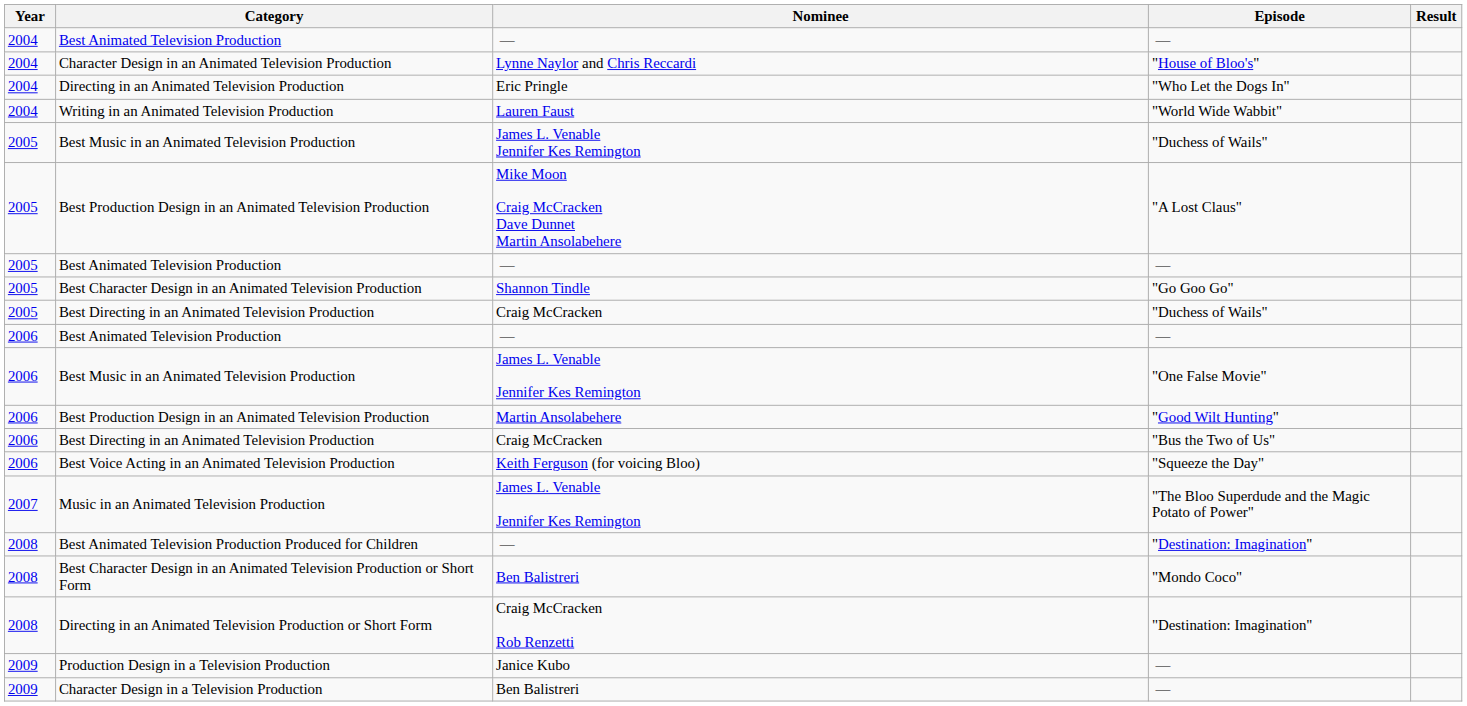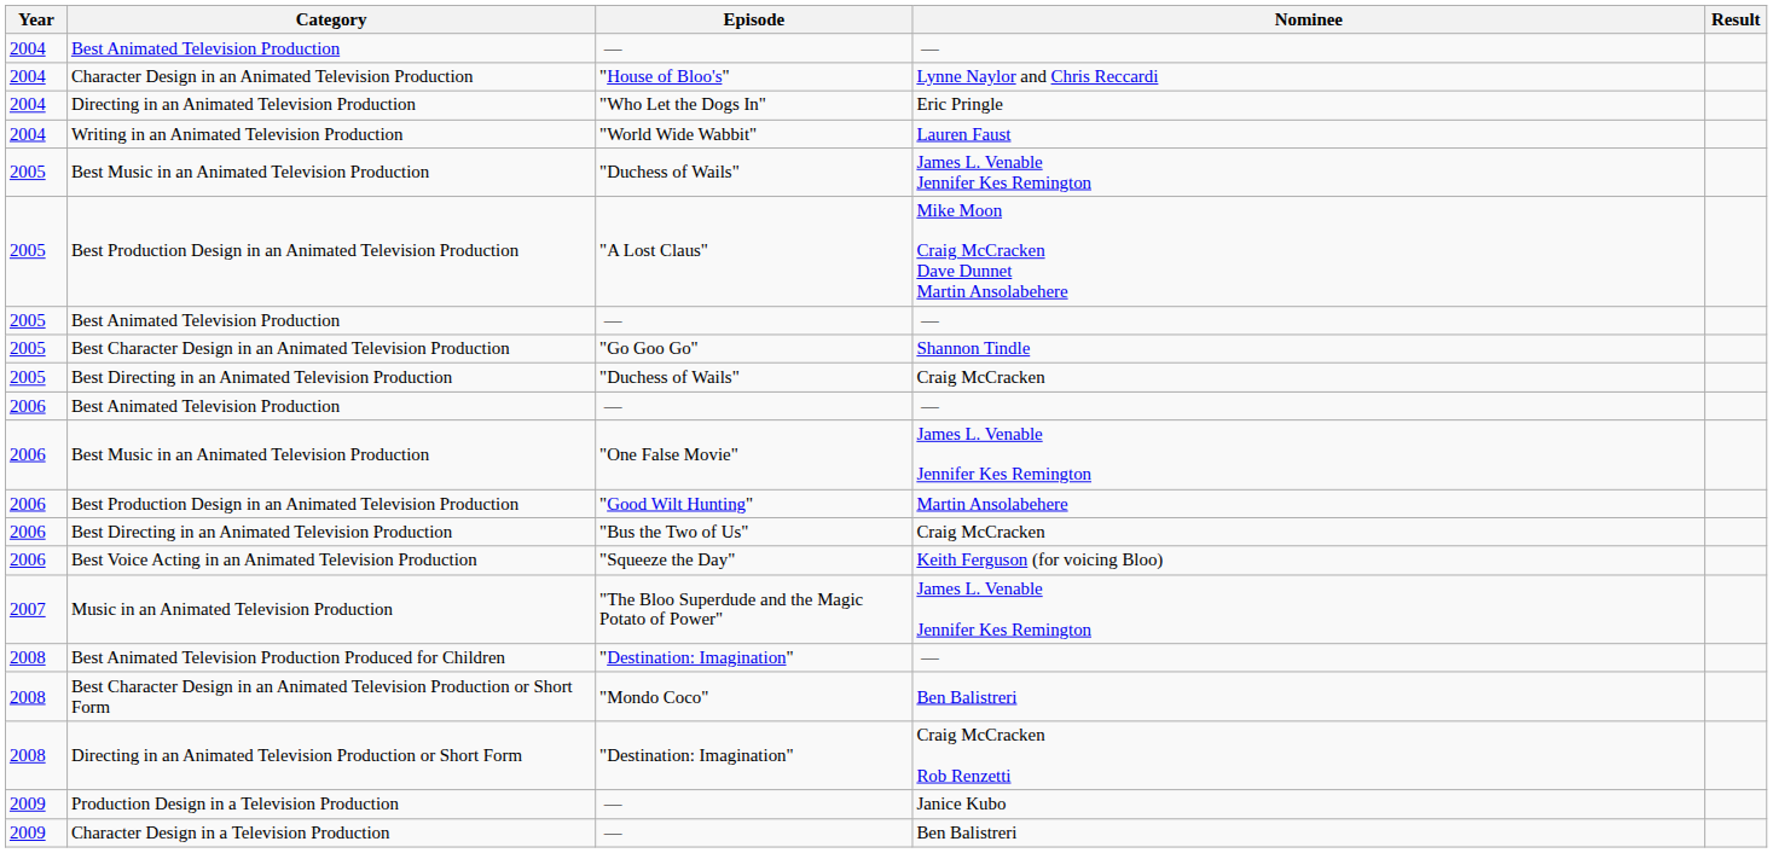 <table class="wikitable sortable">
 <tr>
 <th style="width:3.5%;">Year</th>
 <th style="width:30%;">Category</th>
+<th style="width:18%;">Episode</th>
 <th class="unsortable">Nominee</th>
-<th style="width:18%;">Episode</th>
 <th style="width:3.5%;">Result</th>
 </tr>
 <tr>
 <td><a href='#'>2004</a></td>
 <td><a href='#'>Best Animated Television Production</a></td>
 <td> —</td>
 <td> —</td>
 <td></td>
 </tr>
 <tr>
 <td><a href='#'>2004</a></td>
 <td>Character Design in an Animated Television Production</td>
+<td>"<a href='#'>House of Bloo's</a>"</td>
 <td><a href='#'>Lynne Naylor</a> and <a href='#'>Chris Reccardi</a></td>
-<td>"<a href='#'>House of Bloo's</a>"</td>
 <td></td>
 </tr>
 <tr>
 <td><a href='#'>2004</a></td>
 <td>Directing in an Animated Television Production</td>
+<td>"Who Let the Dogs In"</td>
 <td>Eric Pringle</td>
-<td>"Who Let the Dogs In"</td>
 <td></td>
 </tr>
 <tr>
 <td><a href='#'>2004</a></td>
 <td>Writing in an Animated Television Production</td>
+<td>"World Wide Wabbit"</td>
 <td><a href='#'>Lauren Faust</a></td>
-<td>"World Wide Wabbit"</td>
 <td></td>
 </tr>
 <tr>
 <td><a href='#'>2005</a></td>
 <td>Best Music in an Animated Television Production</td>
+<td>"Duchess of Wails"</td>
 <td><a href='#'>James L. Venable</a><br><a href='#'>Jennifer Kes Remington</a></td>
-<td>"Duchess of Wails"</td>
 <td></td>
 </tr>
 <tr>
 <td><a href='#'>2005</a></td>
 <td>Best Production Design in an Animated Television Production</td>
+<td>"A Lost Claus"</td>
 <td><a href='#'>Mike Moon</a><br><br><a href='#'>Craig McCracken</a><br> <a href='#'>Dave Dunnet</a><br> <a href='#'>Martin Ansolabehere</a></td>
-<td>"A Lost Claus"</td>
 <td></td>
 </tr>
 <tr>
 <td><a href='#'>2005</a></td>
 <td>Best Animated Television Production</td>
 <td> —</td>
 <td> —</td>
 <td></td>
 </tr>
 <tr>
 <td><a href='#'>2005</a></td>
 <td>Best Character Design in an Animated Television Production</td>
+<td>"Go Goo Go"</td>
 <td><a href='#'>Shannon Tindle</a></td>
-<td>"Go Goo Go"</td>
 <td></td>
 </tr>
 <tr>
 <td><a href='#'>2005</a></td>
 <td>Best Directing in an Animated Television Production</td>
+<td>"Duchess of Wails"</td>
 <td>Craig McCracken</td>
-<td>"Duchess of Wails"</td>
 <td></td>
 </tr>
 <tr>
 <td><a href='#'>2006</a></td>
 <td>Best Animated Television Production</td>
 <td> —</td>
 <td> —</td>
 <td></td>
 </tr>
 <tr>
 <td><a href='#'>2006</a></td>
 <td>Best Music in an Animated Television Production</td>
+<td>"One False Movie"</td>
 <td><a href='#'>James L. Venable</a><br><br><a href='#'>Jennifer Kes Remington</a></td>
-<td>"One False Movie"</td>
 <td></td>
 </tr>
 <tr>
 <td><a href='#'>2006</a></td>
 <td>Best Production Design in an Animated Television Production</td>
+<td>"<a href='#'>Good Wilt Hunting</a>"</td>
 <td><a href='#'>Martin Ansolabehere</a></td>
-<td>"<a href='#'>Good Wilt Hunting</a>"</td>
 <td></td>
 </tr>
 <tr>
 <td><a href='#'>2006</a></td>
 <td>Best Directing in an Animated Television Production</td>
+<td>"Bus the Two of Us"</td>
 <td>Craig McCracken</td>
-<td>"Bus the Two of Us"</td>
 <td></td>
 </tr>
 <tr>
 <td><a href='#'>2006</a></td>
 <td>Best Voice Acting in an Animated Television Production</td>
+<td>"Squeeze the Day"</td>
 <td><a href='#'>Keith Ferguson</a> (for voicing Bloo)</td>
-<td>"Squeeze the Day"</td>
 <td></td>
 </tr>
 <tr>
 <td><a href='#'>2007</a></td>
 <td>Music in an Animated Television Production</td>
+<td>"The Bloo Superdude and the Magic Potato of Power"</td>
 <td><a href='#'>James L. Venable</a><br><br><a href='#'>Jennifer Kes Remington</a></td>
-<td>"The Bloo Superdude and the Magic Potato of Power"</td>
 <td></td>
 </tr>
 <tr>
 <td><a href='#'>2008</a></td>
 <td>Best Animated Television Production Produced for Children</td>
+<td>"<a href='#'>Destination: Imagination</a>"</td>
 <td> —</td>
-<td>"<a href='#'>Destination: Imagination</a>"</td>
 <td></td>
 </tr>
 <tr>
 <td><a href='#'>2008</a></td>
 <td>Best Character Design in an Animated Television Production or Short Form</td>
+<td>"Mondo Coco"</td>
 <td><a href='#'>Ben Balistreri</a></td>
-<td>"Mondo Coco"</td>
 <td></td>
 </tr>
 <tr>
 <td><a href='#'>2008</a></td>
 <td>Directing in an Animated Television Production or Short Form</td>
+<td>"Destination: Imagination"</td>
 <td>Craig McCracken<br><br><a href='#'>Rob Renzetti</a></td>
-<td>"Destination: Imagination"</td>
 <td></td>
 </tr>
 <tr>
 <td><a href='#'>2009</a></td>
 <td>Production Design in a Television Production</td>
+<td> —</td>
 <td>Janice Kubo</td>
-<td> —</td>
 <td></td>
 </tr>
 <tr>
 <td><a href='#'>2009</a></td>
 <td>Character Design in a Television Production</td>
+<td> —</td>
 <td>Ben Balistreri</td>
-<td> —</td>
 <td></td>
 </tr>
 </table>
